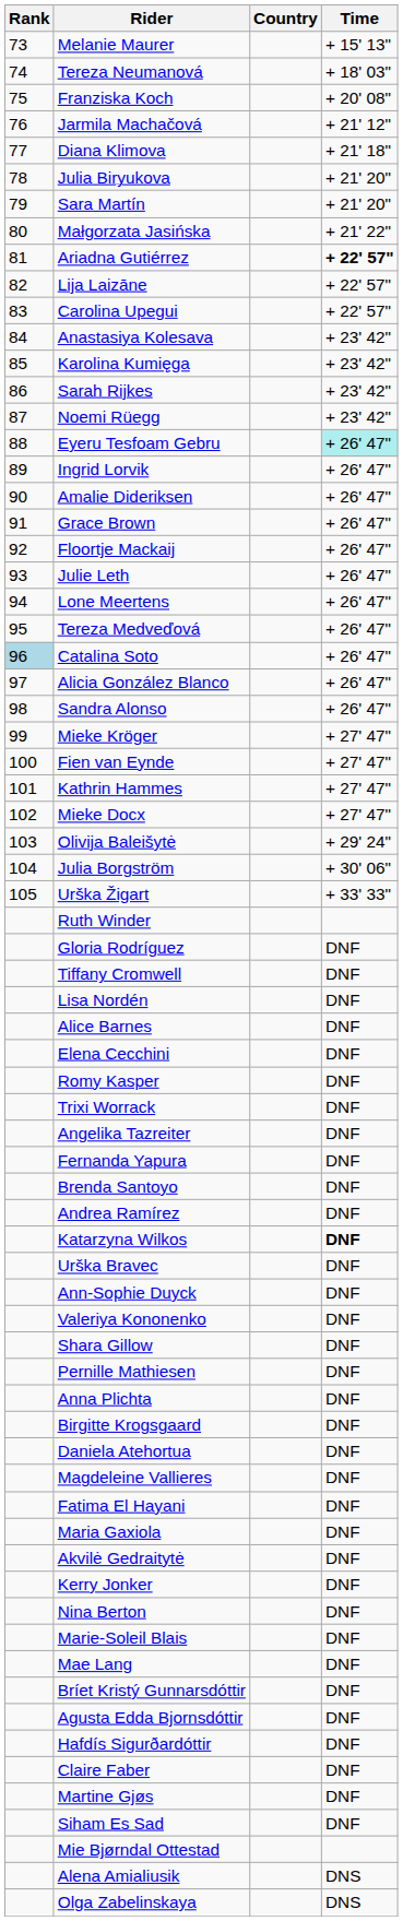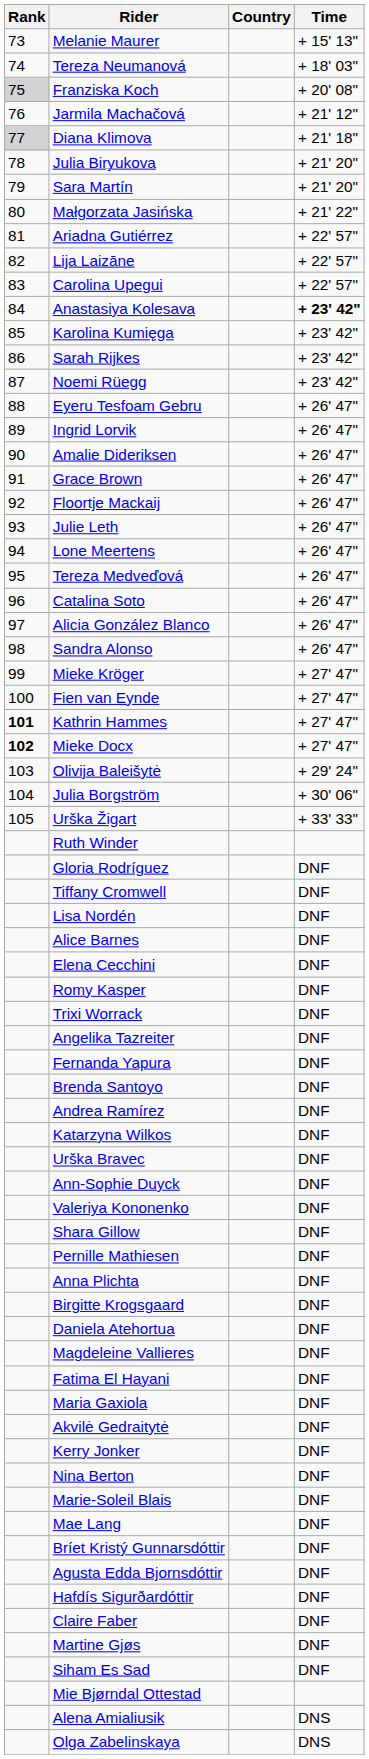 <table class="wikitable sortable" style="font-size:95%; text-align:left;">
 <tr>
 <th>Rank</th>
 <th>Rider</th>
 <th>Country</th>
 <th>Time</th>
 </tr>
 <tr>
 <td>73</td>
 <td><a href='#'>Melanie Maurer</a></td>
 <td></td>
 <td>+ 15' 13"</td>
 </tr>
 <tr>
 <td>74</td>
 <td><a href='#'>Tereza Neumanová</a></td>
 <td></td>
 <td>+ 18' 03"</td>
 </tr>
 <tr>
-<td>75</td>
+<td style="background: lightgrey;">75</td>
 <td><a href='#'>Franziska Koch</a></td>
 <td></td>
 <td>+ 20' 08"</td>
 </tr>
 <tr>
 <td>76</td>
 <td><a href='#'>Jarmila Machačová</a></td>
 <td></td>
 <td>+ 21' 12"</td>
 </tr>
 <tr>
-<td>77</td>
+<td style="background: lightgrey;">77</td>
 <td><a href='#'>Diana Klimova</a></td>
 <td></td>
 <td>+ 21' 18"</td>
 </tr>
 <tr>
 <td>78</td>
 <td><a href='#'>Julia Biryukova</a></td>
 <td></td>
 <td>+ 21' 20"</td>
 </tr>
 <tr>
 <td>79</td>
 <td><a href='#'>Sara Martín</a></td>
 <td></td>
 <td>+ 21' 20"</td>
 </tr>
 <tr>
 <td>80</td>
 <td><a href='#'>Małgorzata Jasińska</a></td>
 <td></td>
 <td>+ 21' 22"</td>
 </tr>
 <tr>
 <td>81</td>
 <td><a href='#'>Ariadna Gutiérrez</a></td>
 <td></td>
-<td><strong>+ 22' 57"</strong></td>
+<td>+ 22' 57"</td>
 </tr>
 <tr>
 <td>82</td>
 <td><a href='#'>Lija Laizāne</a></td>
 <td></td>
 <td>+ 22' 57"</td>
 </tr>
 <tr>
 <td>83</td>
 <td><a href='#'>Carolina Upegui</a></td>
 <td></td>
 <td>+ 22' 57"</td>
 </tr>
 <tr>
 <td>84</td>
 <td><a href='#'>Anastasiya Kolesava</a></td>
 <td></td>
-<td>+ 23' 42"</td>
+<td><strong>+ 23' 42"</strong></td>
 </tr>
 <tr>
 <td>85</td>
 <td><a href='#'>Karolina Kumięga</a></td>
 <td></td>
 <td>+ 23' 42"</td>
 </tr>
 <tr>
 <td>86</td>
 <td><a href='#'>Sarah Rijkes</a></td>
 <td></td>
 <td>+ 23' 42"</td>
 </tr>
 <tr>
 <td>87</td>
 <td><a href='#'>Noemi Rüegg</a></td>
 <td></td>
 <td>+ 23' 42"</td>
 </tr>
 <tr>
 <td>88</td>
 <td><a href='#'>Eyeru Tesfoam Gebru</a></td>
 <td></td>
-<td style="background: paleturquoise;">+ 26' 47"</td>
+<td>+ 26' 47"</td>
 </tr>
 <tr>
 <td>89</td>
 <td><a href='#'>Ingrid Lorvik</a></td>
 <td></td>
 <td>+ 26' 47"</td>
 </tr>
 <tr>
 <td>90</td>
 <td><a href='#'>Amalie Dideriksen</a></td>
 <td></td>
 <td>+ 26' 47"</td>
 </tr>
 <tr>
 <td>91</td>
 <td><a href='#'>Grace Brown</a></td>
 <td></td>
 <td>+ 26' 47"</td>
 </tr>
 <tr>
 <td>92</td>
 <td><a href='#'>Floortje Mackaij</a></td>
 <td></td>
 <td>+ 26' 47"</td>
 </tr>
 <tr>
 <td>93</td>
 <td><a href='#'>Julie Leth</a></td>
 <td></td>
 <td>+ 26' 47"</td>
 </tr>
 <tr>
 <td>94</td>
 <td><a href='#'>Lone Meertens</a></td>
 <td></td>
 <td>+ 26' 47"</td>
 </tr>
 <tr>
 <td>95</td>
 <td><a href='#'>Tereza Medveďová</a></td>
 <td></td>
 <td>+ 26' 47"</td>
 </tr>
 <tr>
-<td style="background: lightblue;">96</td>
+<td>96</td>
 <td><a href='#'>Catalina Soto</a></td>
 <td></td>
 <td>+ 26' 47"</td>
 </tr>
 <tr>
 <td>97</td>
 <td><a href='#'>Alicia González Blanco</a></td>
 <td></td>
 <td>+ 26' 47"</td>
 </tr>
 <tr>
 <td>98</td>
 <td><a href='#'>Sandra Alonso</a></td>
 <td></td>
 <td>+ 26' 47"</td>
 </tr>
 <tr>
 <td>99</td>
 <td><a href='#'>Mieke Kröger</a></td>
 <td></td>
 <td>+ 27' 47"</td>
 </tr>
 <tr>
 <td>100</td>
 <td><a href='#'>Fien van Eynde</a></td>
 <td></td>
 <td>+ 27' 47"</td>
 </tr>
 <tr>
-<td>101</td>
+<td><strong>101</strong></td>
 <td><a href='#'>Kathrin Hammes</a></td>
 <td></td>
 <td>+ 27' 47"</td>
 </tr>
 <tr>
-<td>102</td>
+<td><strong>102</strong></td>
 <td><a href='#'>Mieke Docx</a></td>
 <td></td>
 <td>+ 27' 47"</td>
 </tr>
 <tr>
 <td>103</td>
 <td><a href='#'>Olivija Baleišytė</a></td>
 <td></td>
 <td>+ 29' 24"</td>
 </tr>
 <tr>
 <td>104</td>
 <td><a href='#'>Julia Borgström</a></td>
 <td></td>
 <td>+ 30' 06"</td>
 </tr>
 <tr>
 <td>105</td>
 <td><a href='#'>Urška Žigart</a></td>
 <td></td>
 <td>+ 33' 33"</td>
 </tr>
 <tr>
 <td></td>
 <td><a href='#'>Ruth Winder</a></td>
 <td></td>
 <td></td>
 </tr>
 <tr>
 <td></td>
 <td><a href='#'>Gloria Rodríguez</a></td>
 <td></td>
 <td>DNF</td>
 </tr>
 <tr>
 <td></td>
 <td><a href='#'>Tiffany Cromwell</a></td>
 <td></td>
 <td>DNF</td>
 </tr>
 <tr>
 <td></td>
 <td><a href='#'>Lisa Nordén</a></td>
 <td></td>
 <td>DNF</td>
 </tr>
 <tr>
 <td></td>
 <td><a href='#'>Alice Barnes</a></td>
 <td></td>
 <td>DNF</td>
 </tr>
 <tr>
 <td></td>
 <td><a href='#'>Elena Cecchini</a></td>
 <td></td>
 <td>DNF</td>
 </tr>
 <tr>
 <td></td>
 <td><a href='#'>Romy Kasper</a></td>
 <td></td>
 <td>DNF</td>
 </tr>
 <tr>
 <td></td>
 <td><a href='#'>Trixi Worrack</a></td>
 <td></td>
 <td>DNF</td>
 </tr>
 <tr>
 <td></td>
 <td><a href='#'>Angelika Tazreiter</a></td>
 <td></td>
 <td>DNF</td>
 </tr>
 <tr>
 <td></td>
 <td><a href='#'>Fernanda Yapura</a></td>
 <td></td>
 <td>DNF</td>
 </tr>
 <tr>
 <td></td>
 <td><a href='#'>Brenda Santoyo</a></td>
 <td></td>
 <td>DNF</td>
 </tr>
 <tr>
 <td></td>
 <td><a href='#'>Andrea Ramírez</a></td>
 <td></td>
 <td>DNF</td>
 </tr>
 <tr>
 <td></td>
 <td><a href='#'>Katarzyna Wilkos</a></td>
 <td></td>
-<td><strong>DNF</strong></td>
+<td>DNF</td>
 </tr>
 <tr>
 <td></td>
 <td><a href='#'>Urška Bravec</a></td>
 <td></td>
 <td>DNF</td>
 </tr>
 <tr>
 <td></td>
 <td><a href='#'>Ann-Sophie Duyck</a></td>
 <td></td>
 <td>DNF</td>
 </tr>
 <tr>
 <td></td>
 <td><a href='#'>Valeriya Kononenko</a></td>
 <td></td>
 <td>DNF</td>
 </tr>
 <tr>
 <td></td>
 <td><a href='#'>Shara Gillow</a></td>
 <td></td>
 <td>DNF</td>
 </tr>
 <tr>
 <td></td>
 <td><a href='#'>Pernille Mathiesen</a></td>
 <td></td>
 <td>DNF</td>
 </tr>
 <tr>
 <td></td>
 <td><a href='#'>Anna Plichta</a></td>
 <td></td>
 <td>DNF</td>
 </tr>
 <tr>
 <td></td>
 <td><a href='#'>Birgitte Krogsgaard</a></td>
 <td></td>
 <td>DNF</td>
 </tr>
 <tr>
 <td></td>
 <td><a href='#'>Daniela Atehortua</a></td>
 <td></td>
 <td>DNF</td>
 </tr>
 <tr>
 <td></td>
 <td><a href='#'>Magdeleine Vallieres</a></td>
 <td></td>
 <td>DNF</td>
 </tr>
 <tr>
 <td></td>
 <td><a href='#'>Fatima El Hayani</a></td>
 <td></td>
 <td>DNF</td>
 </tr>
 <tr>
 <td></td>
 <td><a href='#'>Maria Gaxiola</a></td>
 <td></td>
 <td>DNF</td>
 </tr>
 <tr>
 <td></td>
 <td><a href='#'>Akvilė Gedraitytė</a></td>
 <td></td>
 <td>DNF</td>
 </tr>
 <tr>
 <td></td>
 <td><a href='#'>Kerry Jonker</a></td>
 <td></td>
 <td>DNF</td>
 </tr>
 <tr>
 <td></td>
 <td><a href='#'>Nina Berton</a></td>
 <td></td>
 <td>DNF</td>
 </tr>
 <tr>
 <td></td>
 <td><a href='#'>Marie-Soleil Blais</a></td>
 <td></td>
 <td>DNF</td>
 </tr>
 <tr>
 <td></td>
 <td><a href='#'>Mae Lang</a></td>
 <td></td>
 <td>DNF</td>
 </tr>
 <tr>
 <td></td>
 <td><a href='#'>Bríet Kristý Gunnarsdóttir</a></td>
 <td></td>
 <td>DNF</td>
 </tr>
 <tr>
 <td></td>
 <td><a href='#'>Agusta Edda Bjornsdóttir</a></td>
 <td></td>
 <td>DNF</td>
 </tr>
 <tr>
 <td></td>
 <td><a href='#'>Hafdís Sigurðardóttir</a></td>
 <td></td>
 <td>DNF</td>
 </tr>
 <tr>
 <td></td>
 <td><a href='#'>Claire Faber</a></td>
 <td></td>
 <td>DNF</td>
 </tr>
 <tr>
 <td></td>
 <td><a href='#'>Martine Gjøs</a></td>
 <td></td>
 <td>DNF</td>
 </tr>
 <tr>
 <td></td>
 <td><a href='#'>Siham Es Sad</a></td>
 <td></td>
 <td>DNF</td>
 </tr>
 <tr>
 <td></td>
 <td><a href='#'>Mie Bjørndal Ottestad</a></td>
 <td></td>
 <td></td>
 </tr>
 <tr>
 <td></td>
 <td><a href='#'>Alena Amialiusik</a></td>
 <td></td>
 <td>DNS</td>
 </tr>
 <tr>
 <td></td>
 <td><a href='#'>Olga Zabelinskaya</a></td>
 <td></td>
 <td>DNS</td>
 </tr>
 </table>
